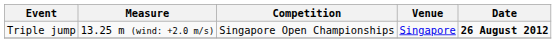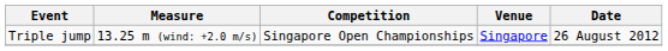 <table class="wikitable" style=text-align:center>
 <tr>
 <th>Event</th>
 <th>Measure</th>
 <th>Competition</th>
 <th>Venue</th>
 <th>Date</th>
 </tr>
 <tr>
 <td>Triple jump</td>
 <td>13.25 m <small>(wind: +2.0 m/s)</small></td>
 <td>Singapore Open Championships</td>
 <td><a href='#'>Singapore</a></td>
-<td><strong>26 August 2012</strong></td>
+<td>26 August 2012</td>
 </tr>
 <tr>
 </tr>
 </table>
